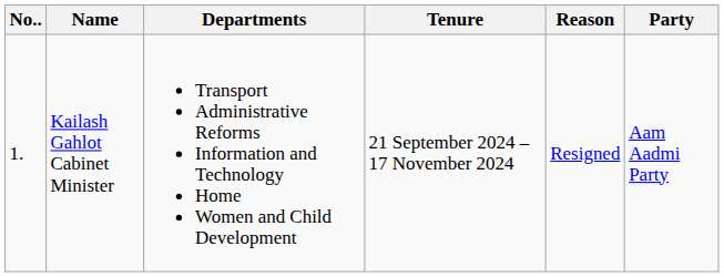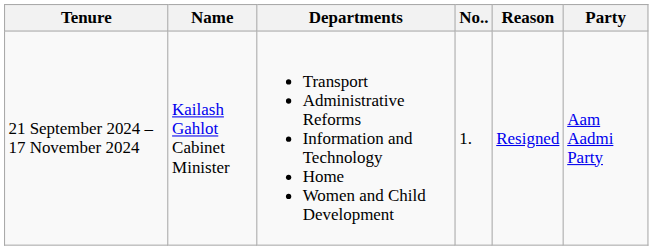 <table class="wikitable">
 <tr>
-<th>No..</th>
+<th>Tenure</th>
 <th>Name<br></th>
 <th>Departments</th>
-<th>Tenure</th>
+<th>No..</th>
 <th>Reason</th>
 <th>Party</th>
 </tr>
 <tr>
-<td>1.</td>
+<td>21 September 2024 – 17 November 2024</td>
 <td><a href='#'>Kailash Gahlot</a><br>Cabinet Minister </td>
 <td><br><ul><li>Transport</li><li>Administrative Reforms</li><li>Information and Technology</li><li>Home</li><li>Women and Child Development</li></ul></td>
-<td>21 September 2024 – 17 November 2024</td>
+<td>1.</td>
 <td><a href='#'>Resigned</a></td>
 <td><a href='#'>Aam Aadmi Party</a></td>
 </tr>
 </table>
